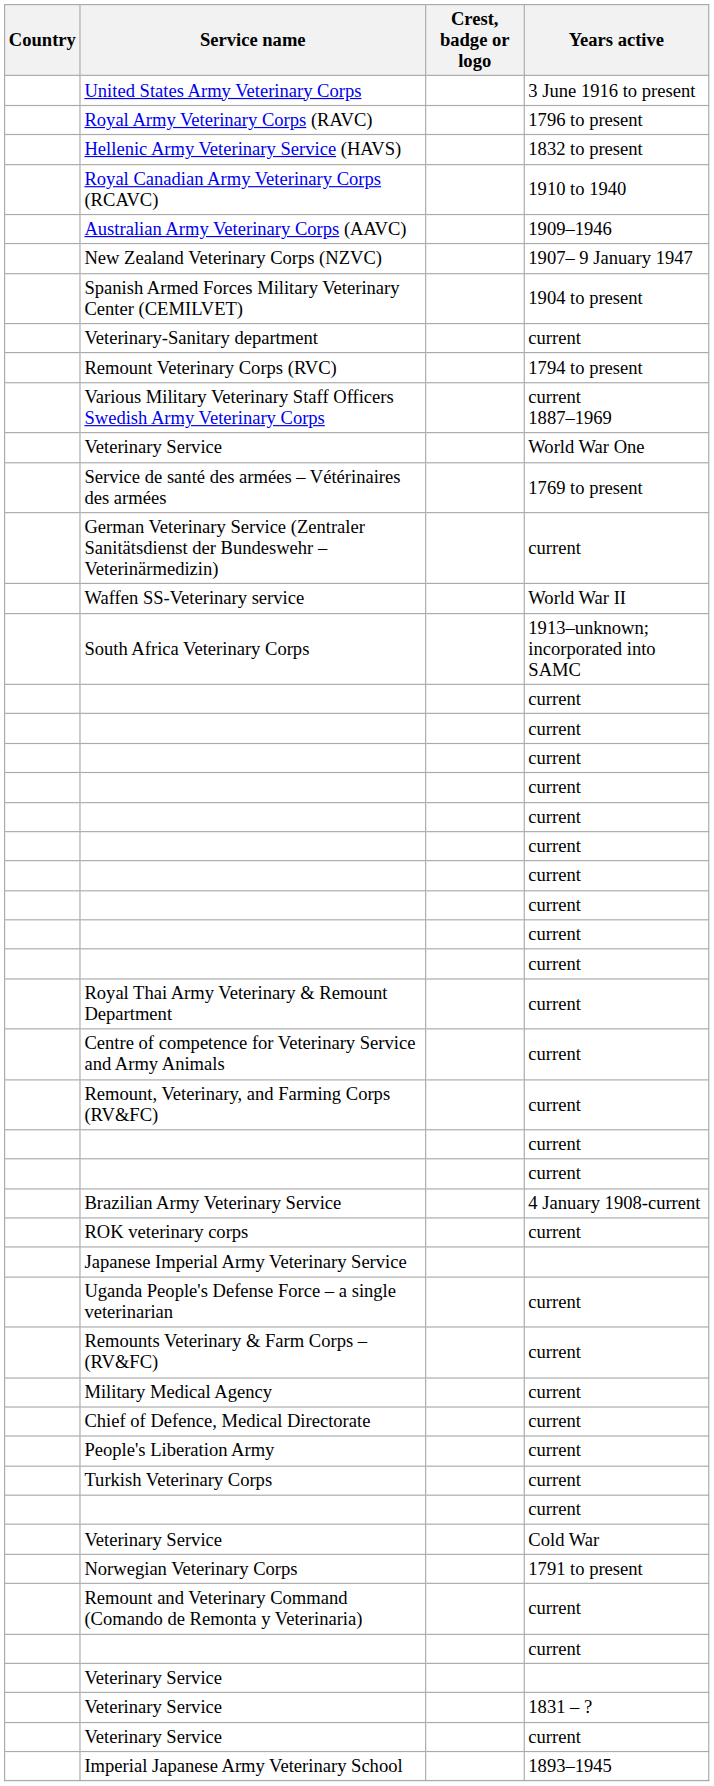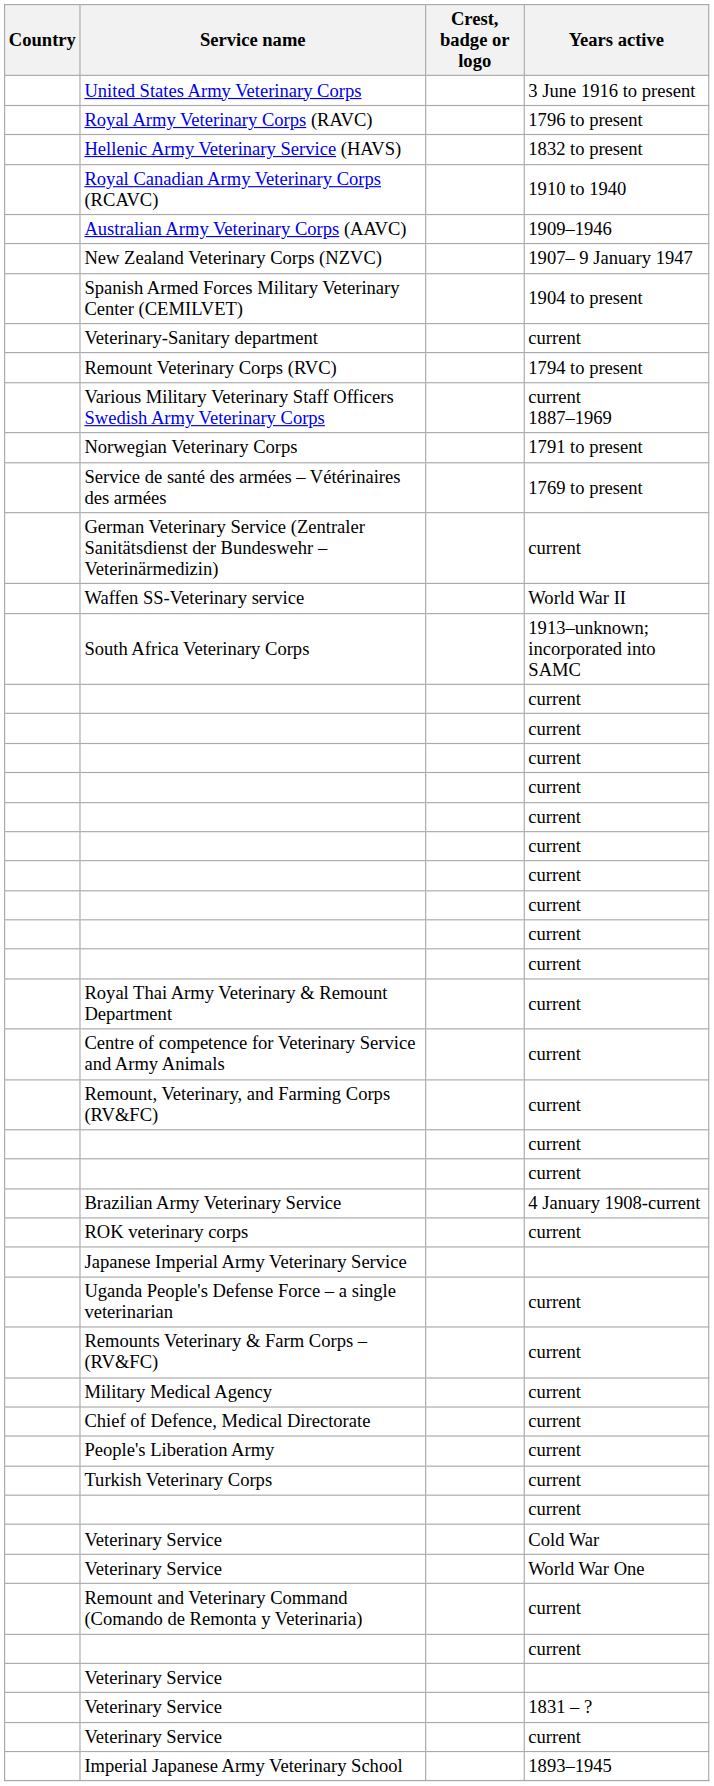 <table class="sortable wikitable" style="background:white; text-align:left; border-collapse">
 <tr>
 <th>Country</th>
 <th>Service name</th>
 <th class="unsortable">Crest, badge or logo</th>
 <th class="unsortable">Years active</th>
 </tr>
 <tr>
 <td></td>
 <td><a href='#'>United States Army Veterinary Corps</a></td>
 <td></td>
 <td>3 June 1916 to present</td>
 </tr>
 <tr>
 <td></td>
 <td><a href='#'>Royal Army Veterinary Corps</a> (RAVC)</td>
 <td></td>
 <td>1796 to present</td>
 </tr>
 <tr>
 <td></td>
 <td><a href='#'>Hellenic Army Veterinary Service</a> (HAVS)</td>
 <td></td>
 <td>1832 to present</td>
 </tr>
 <tr>
 <td></td>
 <td><a href='#'>Royal Canadian Army Veterinary Corps</a> (RCAVC)</td>
 <td></td>
 <td>1910 to 1940</td>
 </tr>
 <tr>
 <td></td>
 <td><a href='#'>Australian Army Veterinary Corps</a> (AAVC)</td>
 <td></td>
 <td>1909–1946</td>
 </tr>
 <tr>
 <td></td>
 <td>New Zealand Veterinary Corps (NZVC)</td>
 <td></td>
 <td>1907– 9 January 1947</td>
 </tr>
 <tr>
 <td></td>
 <td>Spanish Armed Forces Military Veterinary Center (CEMILVET)</td>
 <td></td>
 <td>1904 to present</td>
 </tr>
 <tr>
 <td></td>
 <td>Veterinary-Sanitary department</td>
 <td></td>
 <td>current</td>
 </tr>
 <tr>
 <td></td>
 <td>Remount Veterinary Corps (RVC)</td>
 <td></td>
 <td>1794 to present</td>
 </tr>
 <tr>
 <td></td>
 <td>Various Military Veterinary Staff Officers<br><a href='#'>Swedish Army Veterinary Corps</a></td>
 <td></td>
 <td>current<br>1887–1969</td>
 </tr>
 <tr>
 <td></td>
-<td>Veterinary Service</td>
+<td>Norwegian Veterinary Corps</td>
 <td></td>
-<td>World War One</td>
+<td>1791 to present</td>
 </tr>
 <tr>
 <td></td>
 <td>Service de santé des armées –  Vétérinaires des armées</td>
 <td></td>
 <td>1769 to present</td>
 </tr>
 <tr>
 <td></td>
 <td>German Veterinary Service (Zentraler Sanitätsdienst der Bundeswehr – Veterinärmedizin)</td>
 <td></td>
 <td>current</td>
 </tr>
 <tr>
 <td></td>
 <td>Waffen SS-Veterinary service</td>
 <td></td>
 <td>World War II</td>
 </tr>
 <tr>
 <td></td>
 <td>South Africa Veterinary Corps</td>
 <td></td>
 <td>1913–unknown; incorporated into SAMC</td>
 </tr>
 <tr>
 <td></td>
 <td></td>
 <td></td>
 <td>current</td>
 </tr>
 <tr>
 <td></td>
 <td></td>
 <td></td>
 <td>current</td>
 </tr>
 <tr>
 <td></td>
 <td></td>
 <td></td>
 <td>current</td>
 </tr>
 <tr>
 <td></td>
 <td></td>
 <td></td>
 <td>current</td>
 </tr>
 <tr>
 <td></td>
 <td></td>
 <td></td>
 <td>current</td>
 </tr>
 <tr>
 <td></td>
 <td></td>
 <td></td>
 <td>current</td>
 </tr>
 <tr>
 <td></td>
 <td></td>
 <td></td>
 <td>current</td>
 </tr>
 <tr>
 <td></td>
 <td></td>
 <td></td>
 <td>current</td>
 </tr>
 <tr>
 <td></td>
 <td></td>
 <td></td>
 <td>current</td>
 </tr>
 <tr>
 <td></td>
 <td></td>
 <td></td>
 <td>current</td>
 </tr>
 <tr>
 <td></td>
 <td>Royal Thai Army Veterinary & Remount Department</td>
 <td></td>
 <td>current</td>
 </tr>
 <tr>
 <td></td>
 <td>Centre of competence for Veterinary Service and Army Animals</td>
 <td></td>
 <td>current</td>
 </tr>
 <tr>
 <td></td>
 <td>Remount, Veterinary, and Farming Corps (RV&FC)</td>
 <td></td>
 <td>current</td>
 </tr>
 <tr>
 <td></td>
 <td></td>
 <td></td>
 <td>current</td>
 </tr>
 <tr>
 <td></td>
 <td></td>
 <td></td>
 <td>current</td>
 </tr>
 <tr>
 <td></td>
 <td>Brazilian Army Veterinary Service</td>
 <td></td>
 <td>4 January 1908-current</td>
 </tr>
 <tr>
 <td></td>
 <td>ROK veterinary corps</td>
 <td></td>
 <td>current</td>
 </tr>
 <tr>
 <td></td>
 <td>Japanese Imperial Army Veterinary Service</td>
 <td></td>
 <td></td>
 </tr>
 <tr>
 <td></td>
 <td>Uganda People's Defense Force – a single veterinarian</td>
 <td></td>
 <td>current</td>
 </tr>
 <tr>
 <td></td>
 <td>Remounts Veterinary & Farm Corps – (RV&FC)</td>
 <td></td>
 <td>current</td>
 </tr>
 <tr>
 <td></td>
 <td>Military Medical Agency</td>
 <td></td>
 <td>current</td>
 </tr>
 <tr>
 <td></td>
 <td>Chief of Defence, Medical Directorate</td>
 <td></td>
 <td>current</td>
 </tr>
 <tr>
 <td></td>
 <td>People's Liberation Army</td>
 <td></td>
 <td>current</td>
 </tr>
 <tr>
 <td></td>
 <td>Turkish Veterinary Corps</td>
 <td></td>
 <td>current</td>
 </tr>
 <tr>
 <td></td>
 <td></td>
 <td></td>
 <td>current</td>
 </tr>
 <tr>
 <td></td>
 <td>Veterinary Service</td>
 <td></td>
 <td>Cold War</td>
 </tr>
 <tr>
 <td></td>
-<td>Norwegian Veterinary Corps</td>
+<td>Veterinary Service</td>
 <td></td>
-<td>1791 to present</td>
+<td>World War One</td>
 </tr>
 <tr>
 <td></td>
 <td>Remount and Veterinary Command (Comando de Remonta y Veterinaria)</td>
 <td></td>
 <td>current</td>
 </tr>
 <tr>
 <td></td>
 <td></td>
 <td></td>
 <td>current</td>
 </tr>
 <tr>
 <td></td>
 <td>Veterinary Service</td>
 <td></td>
 <td></td>
 </tr>
 <tr>
 <td></td>
 <td>Veterinary Service</td>
 <td></td>
 <td>1831 – ?</td>
 </tr>
 <tr>
 <td></td>
 <td>Veterinary Service</td>
 <td></td>
 <td>current</td>
 </tr>
 <tr>
 <td></td>
 <td>Imperial Japanese Army Veterinary School</td>
 <td></td>
 <td>1893–1945</td>
 </tr>
 <tr>
 </tr>
 </table>
